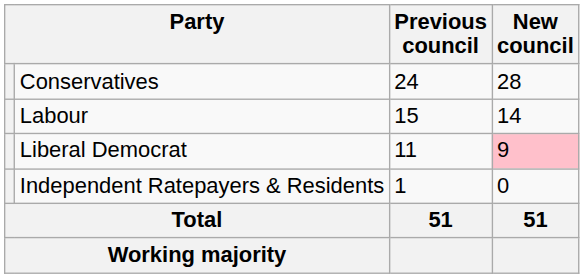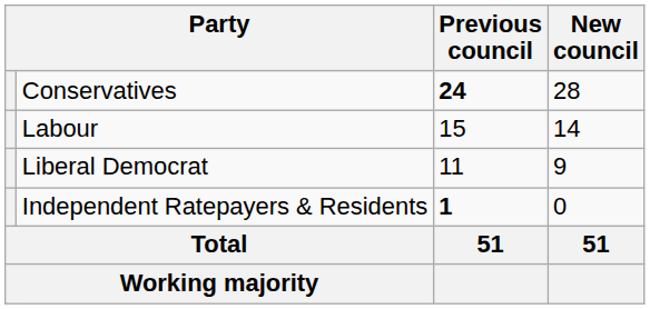 <table class="wikitable">
 <tr>
 <th valign=top colspan="2" style="width: 230px">Party</th>
 <th valign=top style="width: 30px">Previous council</th>
 <th valign=top style="width: 30px">New council</th>
 </tr>
 <tr>
 <th style="background-color: "></th>
 <td>Conservatives</td>
-<td>24</td>
+<td><strong>24</strong></td>
 <td>28</td>
 </tr>
 <tr>
 <th style="background-color: "></th>
 <td>Labour</td>
 <td>15</td>
 <td>14</td>
 </tr>
 <tr>
 <th style="background-color: "></th>
 <td>Liberal Democrat</td>
 <td>11</td>
-<td style="background: pink;">9</td>
+<td>9</td>
 </tr>
 <tr>
 <th style="background-color: "></th>
 <td>Independent Ratepayers & Residents</td>
-<td>1</td>
+<td><strong>1</strong></td>
 <td>0</td>
 </tr>
 <tr>
 <th colspan=2>Total</th>
 <th style="text-align: center">51</th>
 <th colspan=3>51</th>
 </tr>
 <tr>
 <th colspan=2>Working majority</th>
 <th></th>
 <th></th>
 </tr>
 </table>
